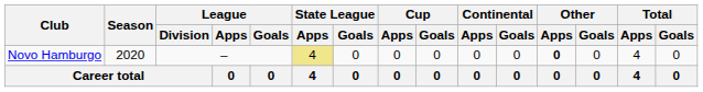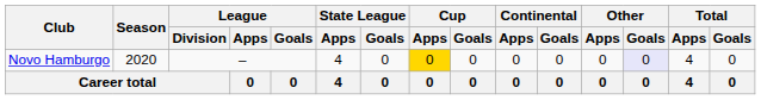 <table class="wikitable" style="text-align: center">
 <tr>
 <th rowspan="2">Club</th>
 <th rowspan="2">Season</th>
 <th colspan="3">League</th>
 <th colspan="2">State League</th>
 <th colspan="2">Cup</th>
 <th colspan="2">Continental</th>
 <th colspan="2">Other</th>
 <th colspan="2">Total</th>
 </tr>
 <tr>
 <th>Division</th>
 <th>Apps</th>
 <th>Goals</th>
 <th>Apps</th>
 <th>Goals</th>
 <th>Apps</th>
 <th>Goals</th>
 <th>Apps</th>
 <th>Goals</th>
 <th>Apps</th>
 <th>Goals</th>
 <th>Apps</th>
 <th>Goals</th>
 </tr>
 <tr>
 <td><a href='#'>Novo Hamburgo</a></td>
 <td>2020</td>
 <td colspan="3">–</td>
-<td style="background: khaki;">4</td>
+<td>4</td>
+<td>0</td>
+<td style="background: gold;">0</td>
 <td>0</td>
 <td>0</td>
 <td>0</td>
 <td>0</td>
-<td>0</td>
-<td><strong>0</strong></td>
-<td>0</td>
+<td style="background: lavender;">0</td>
 <td>4</td>
 <td>0</td>
 </tr>
 <tr>
 <th colspan="3"><strong>Career total</strong></th>
 <th>0</th>
 <th>0</th>
 <th>4</th>
 <th>0</th>
 <th>0</th>
 <th>0</th>
 <th>0</th>
 <th>0</th>
 <th>0</th>
 <th>0</th>
 <th>4</th>
 <th>0</th>
 </tr>
 </table>
